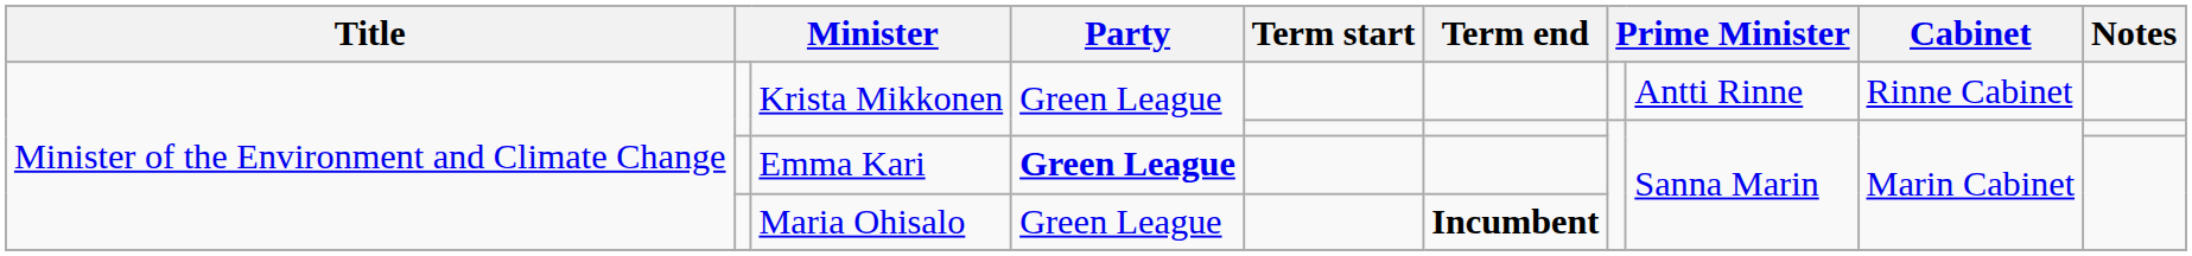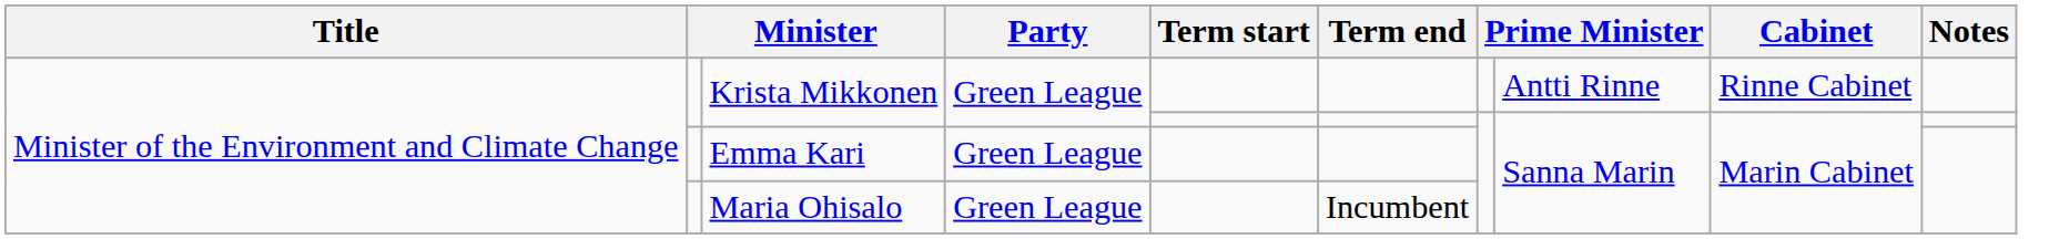 <table class="wikitable sortable">
 <tr>
 <th>Title</th>
 <th colspan=2><a href='#'>Minister</a></th>
 <th><a href='#'>Party</a></th>
 <th>Term start</th>
 <th>Term end</th>
 <th colspan=2><a href='#'>Prime Minister</a></th>
 <th><a href='#'>Cabinet</a></th>
 <th class="unsortable">Notes</th>
 </tr>
 <tr>
 <td rowspan=4><a href='#'>Minister of the Environment and Climate Change</a></td>
 <td rowspan=2 bgcolor=></td>
 <td rowspan=2><a href='#'>Krista Mikkonen</a></td>
 <td rowspan=2><a href='#'>Green League</a></td>
 <td></td>
 <td></td>
 <td style="color:inherit;background:"></td>
 <td><a href='#'>Antti Rinne</a></td>
 <td><a href='#'>Rinne Cabinet</a></td>
 <td></td>
 </tr>
 <tr>
 <td></td>
 <td></td>
 <td rowspan=3 bgcolor=></td>
 <td rowspan=3><a href='#'>Sanna Marin</a></td>
 <td rowspan=3><a href='#'>Marin Cabinet</a></td>
 <td></td>
 </tr>
 <tr>
 <td style="color:inherit;background:"></td>
 <td><a href='#'>Emma Kari</a></td>
-<td><strong><a href='#'>Green League</a></strong></td>
+<td><a href='#'>Green League</a></td>
 <td></td>
 <td></td>
 </tr>
 <tr>
 <td style="color:inherit;background:"></td>
 <td><a href='#'>Maria Ohisalo</a></td>
 <td><a href='#'>Green League</a></td>
 <td></td>
-<td><strong>Incumbent</strong></td>
+<td>Incumbent</td>
 </tr>
 </table>
